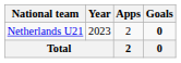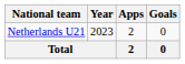 <table class="wikitable" style="text-align: center;">
 <tr>
 <th>National team</th>
 <th>Year</th>
 <th>Apps</th>
 <th>Goals</th>
 </tr>
 <tr>
 <td rowspan="1"><a href='#'>Netherlands U21</a></td>
 <td>2023</td>
 <td>2</td>
-<td><strong>0</strong></td>
+<td>0</td>
 </tr>
 <tr>
 <th colspan="2">Total</th>
 <th>2</th>
 <th>0</th>
 </tr>
 </table>
